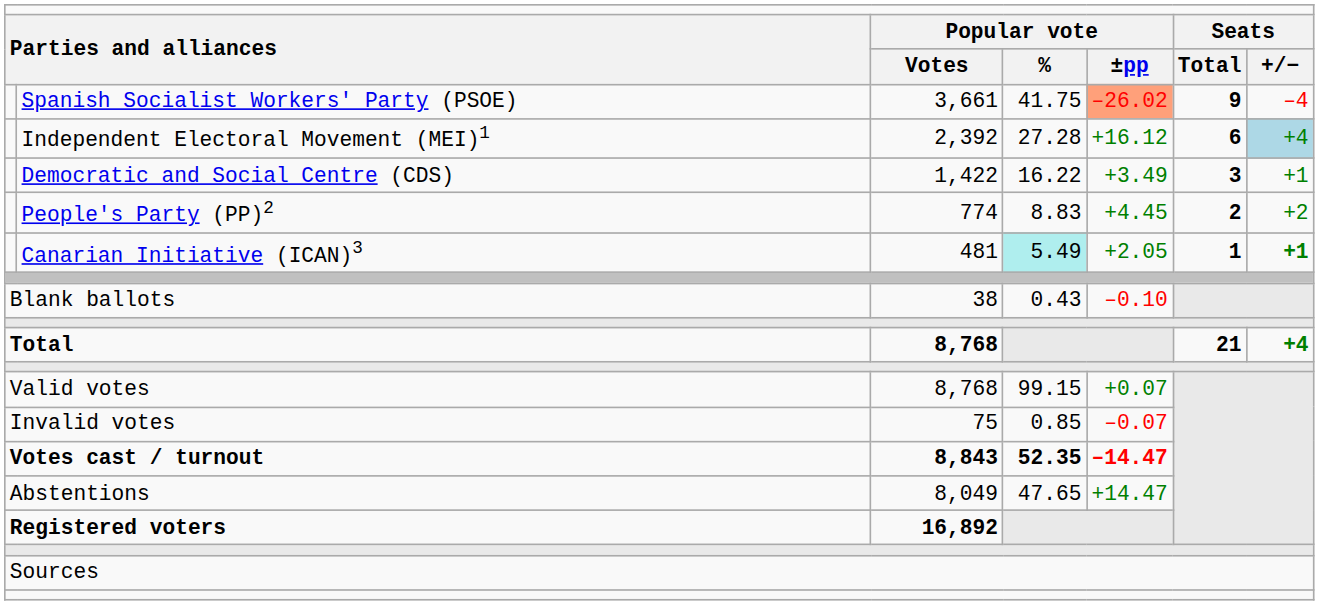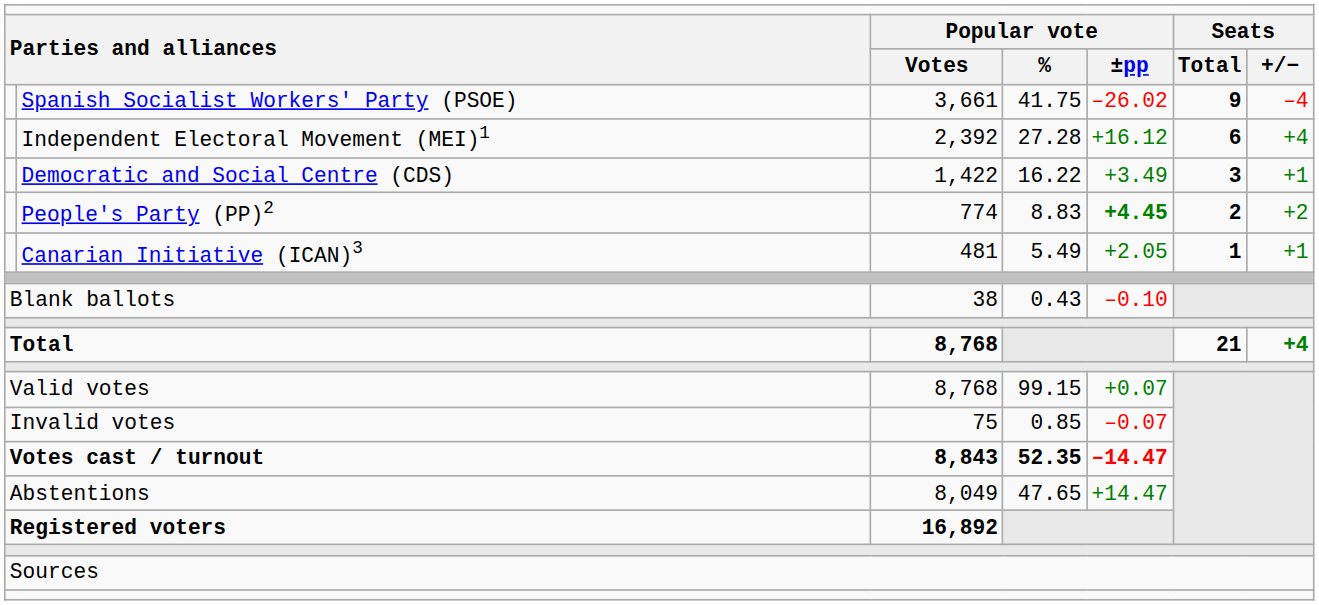 <table class="wikitable" style="text-align:right;">
 <tr>
 <td colspan="7"></td>
 </tr>
 <tr>
 <th style="text-align:left;" rowspan="2" colspan="2" width="525">Parties and alliances</th>
 <th colspan="3">Popular vote</th>
 <th colspan="2">Seats</th>
 </tr>
 <tr>
 <th width="75">Votes</th>
 <th width="45">%</th>
 <th width="45">±<a href='#'>pp</a></th>
 <th width="35">Total</th>
 <th width="35">+/−</th>
 </tr>
 <tr>
 <td width="1" style="color:inherit;background:"></td>
 <td align="left"><a href='#'>Spanish Socialist Workers' Party</a> (PSOE)</td>
 <td>3,661</td>
 <td>41.75</td>
-<td style="background: lightsalmon; color:red;">–26.02</td>
+<td style="color:red;">–26.02</td>
 <td><strong>9</strong></td>
 <td style="color:red;">–4</td>
 </tr>
 <tr>
 <td style="color:inherit;background:"></td>
 <td align="left">Independent Electoral Movement (MEI)<sup>1</sup></td>
 <td>2,392</td>
 <td>27.28</td>
 <td style="color:green;">+16.12</td>
 <td><strong>6</strong></td>
-<td style="background: lightblue; color:green;">+4</td>
+<td style="color:green;">+4</td>
 </tr>
 <tr>
 <td style="color:inherit;background:"></td>
 <td align="left"><a href='#'>Democratic and Social Centre</a> (CDS)</td>
 <td>1,422</td>
 <td>16.22</td>
 <td style="color:green;">+3.49</td>
 <td><strong>3</strong></td>
 <td style="color:green;">+1</td>
 </tr>
 <tr>
 <td style="color:inherit;background:"></td>
 <td align="left"><a href='#'>People's Party</a> (PP)<sup>2</sup></td>
 <td>774</td>
 <td>8.83</td>
-<td style="color:green;">+4.45</td>
+<td style="color:green;"><strong>+4.45</strong></td>
 <td><strong>2</strong></td>
 <td style="color:green;">+2</td>
 </tr>
 <tr>
 <td style="color:inherit;background:"></td>
 <td align="left"><a href='#'>Canarian Initiative</a> (ICAN)<sup>3</sup></td>
 <td>481</td>
-<td style="background: paleturquoise;">5.49</td>
+<td>5.49</td>
 <td style="color:green;">+2.05</td>
 <td><strong>1</strong></td>
-<td style="color:green;"><strong>+1</strong></td>
+<td style="color:green;">+1</td>
 </tr>
 <tr>
 <td colspan="7" bgcolor="#C0C0C0"></td>
 </tr>
 <tr>
 <td align="left" colspan="2">Blank ballots</td>
 <td>38</td>
 <td>0.43</td>
 <td style="color:red;">–0.10</td>
 <td bgcolor="#E9E9E9" colspan="2"></td>
 </tr>
 <tr>
 <td colspan="7" bgcolor="#E9E9E9"></td>
 </tr>
 <tr style="font-weight:bold;">
 <td align="left" colspan="2">Total</td>
 <td>8,768</td>
 <td bgcolor="#E9E9E9" colspan="2"></td>
 <td>21</td>
 <td style="color:green;">+4</td>
 </tr>
 <tr>
 <td colspan="7" bgcolor="#E9E9E9"></td>
 </tr>
 <tr>
 <td align="left" colspan="2">Valid votes</td>
 <td>8,768</td>
 <td>99.15</td>
 <td style="color:green;">+0.07</td>
 <td bgcolor="#E9E9E9" colspan="2" rowspan="5"></td>
 </tr>
 <tr>
 <td align="left" colspan="2">Invalid votes</td>
 <td>75</td>
 <td>0.85</td>
 <td style="color:red;">–0.07</td>
 </tr>
 <tr style="font-weight:bold;">
 <td align="left" colspan="2">Votes cast / turnout</td>
 <td>8,843</td>
 <td>52.35</td>
 <td style="color:red;">–14.47</td>
 </tr>
 <tr>
 <td align="left" colspan="2">Abstentions</td>
 <td>8,049</td>
 <td>47.65</td>
 <td style="color:green;">+14.47</td>
 </tr>
 <tr style="font-weight:bold;">
 <td align="left" colspan="2">Registered voters</td>
 <td>16,892</td>
 <td bgcolor="#E9E9E9" colspan="2"></td>
 </tr>
 <tr>
 <td colspan="7" bgcolor="#E9E9E9"></td>
 </tr>
 <tr>
 <td align="left" colspan="7">Sources</td>
 </tr>
 <tr>
 <td colspan="7" style="text-align:left; max-width:790px;"></td>
 </tr>
 </table>
